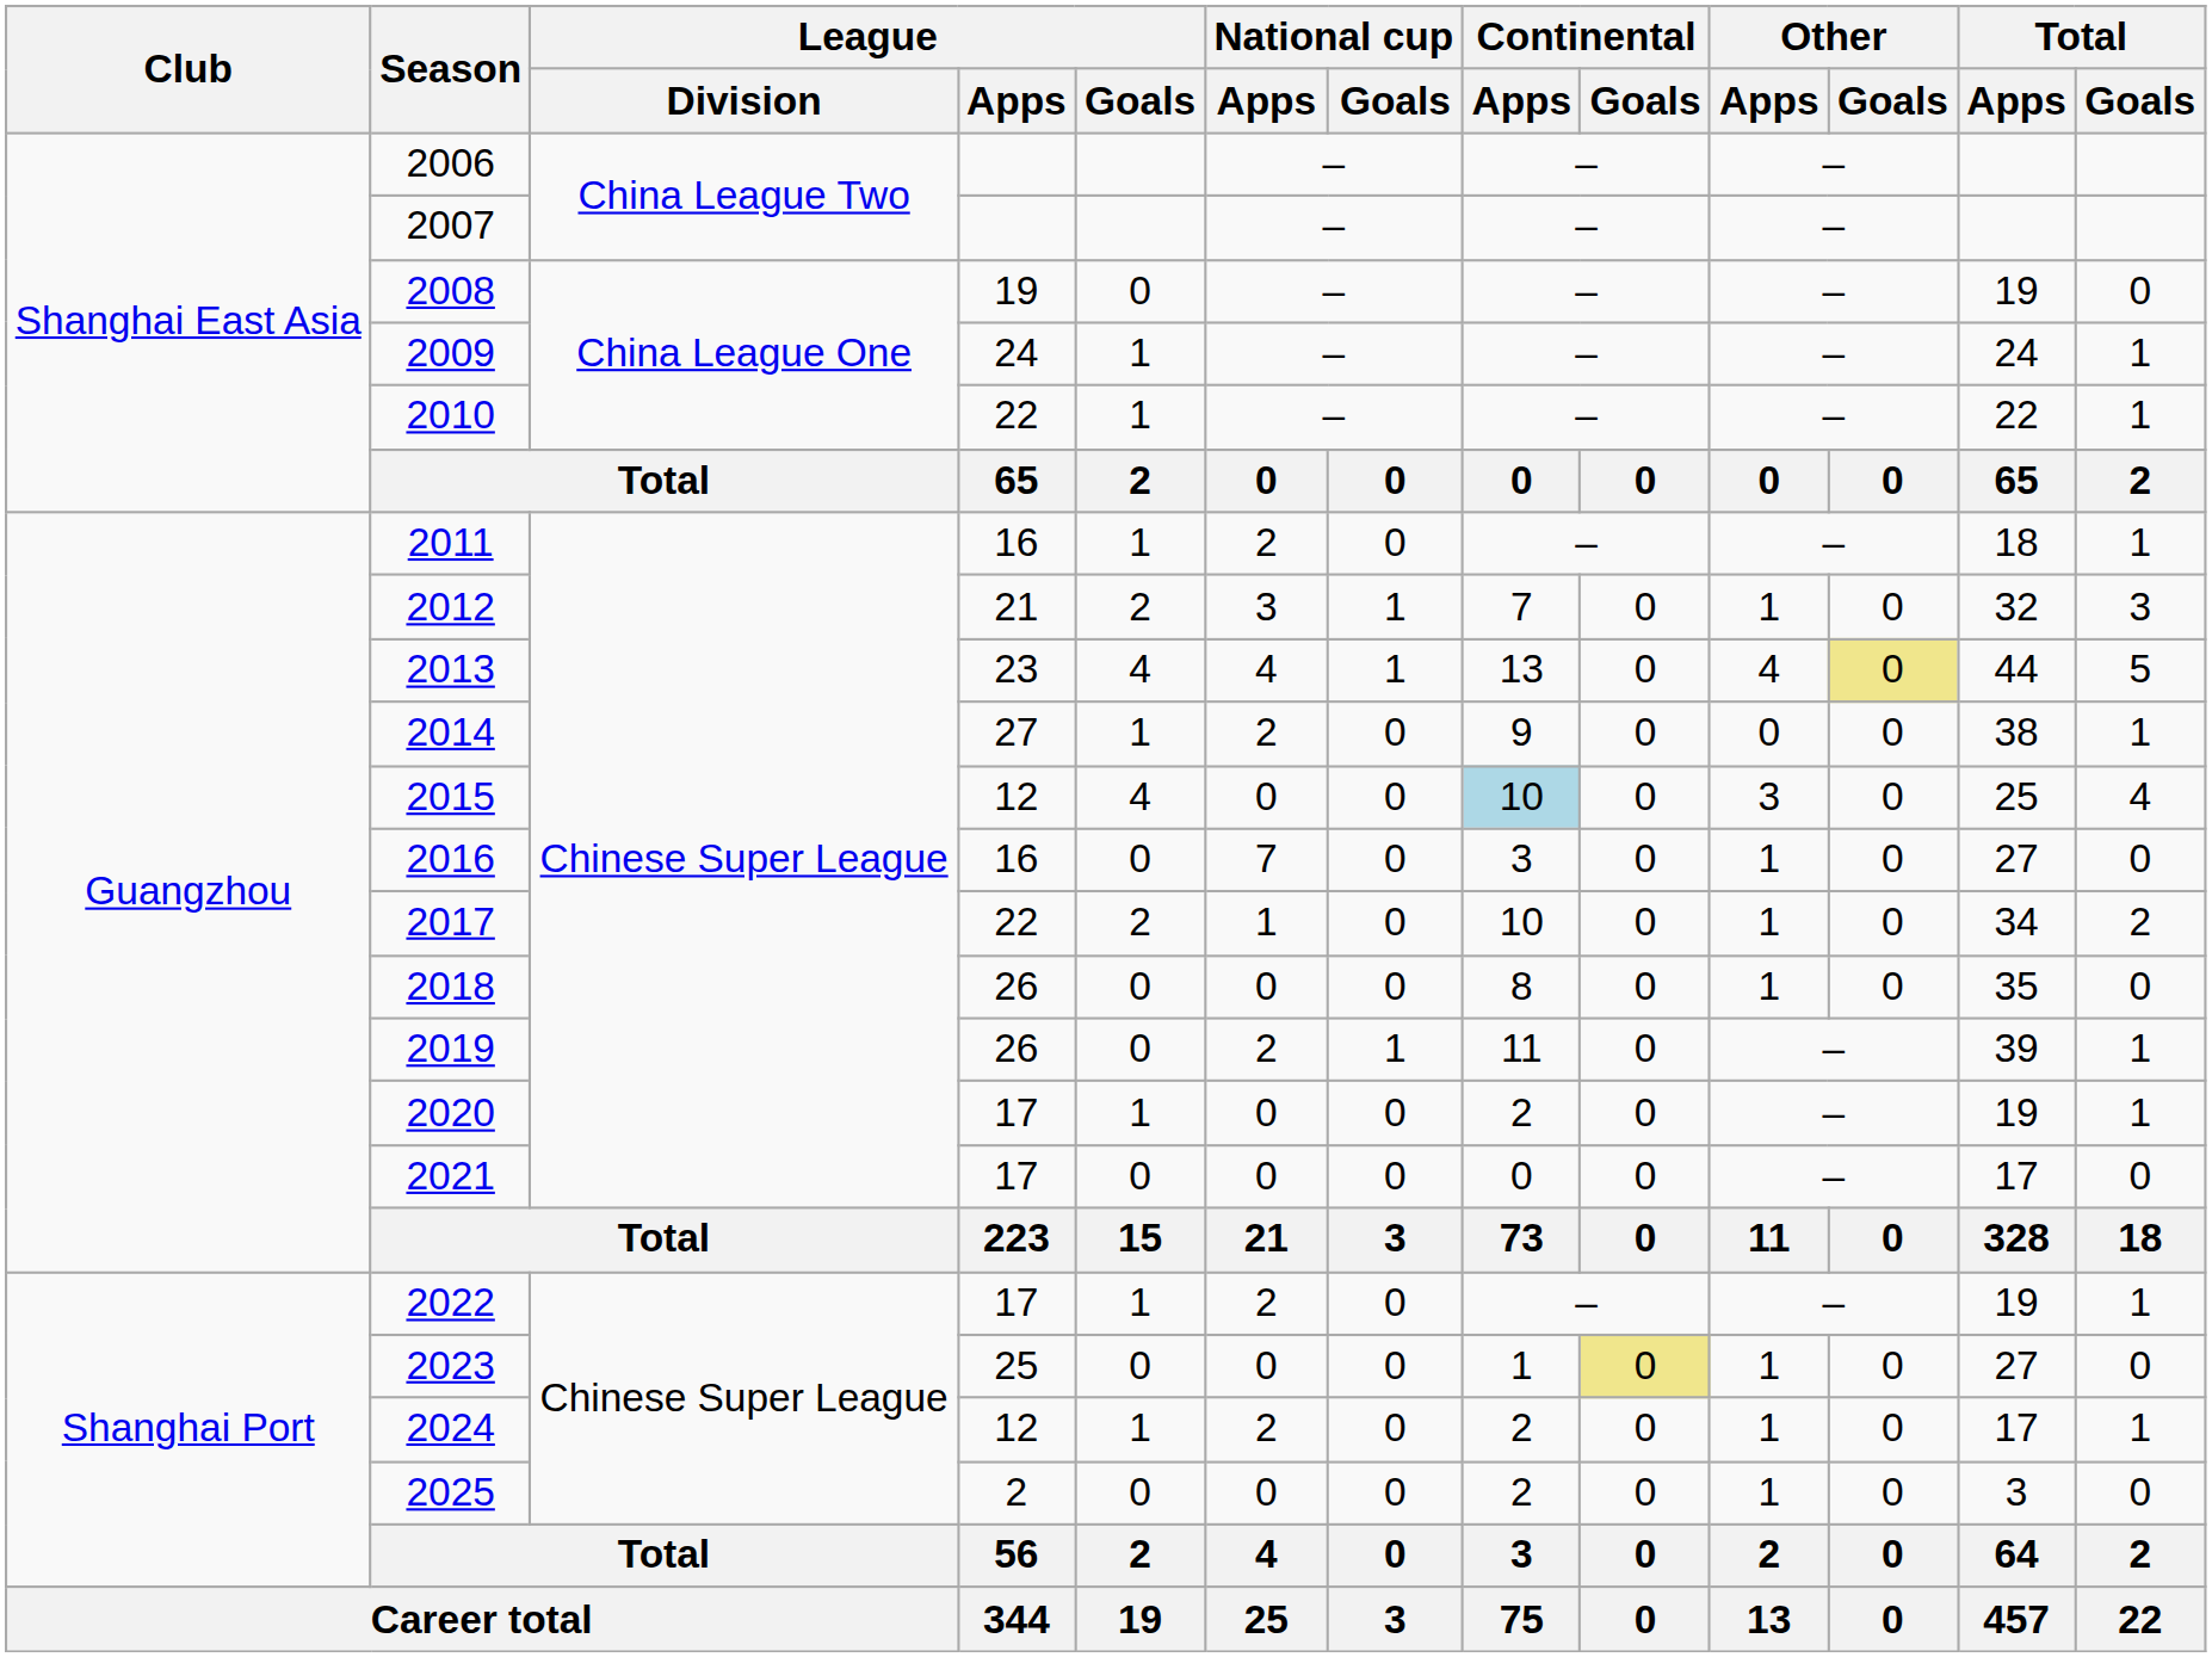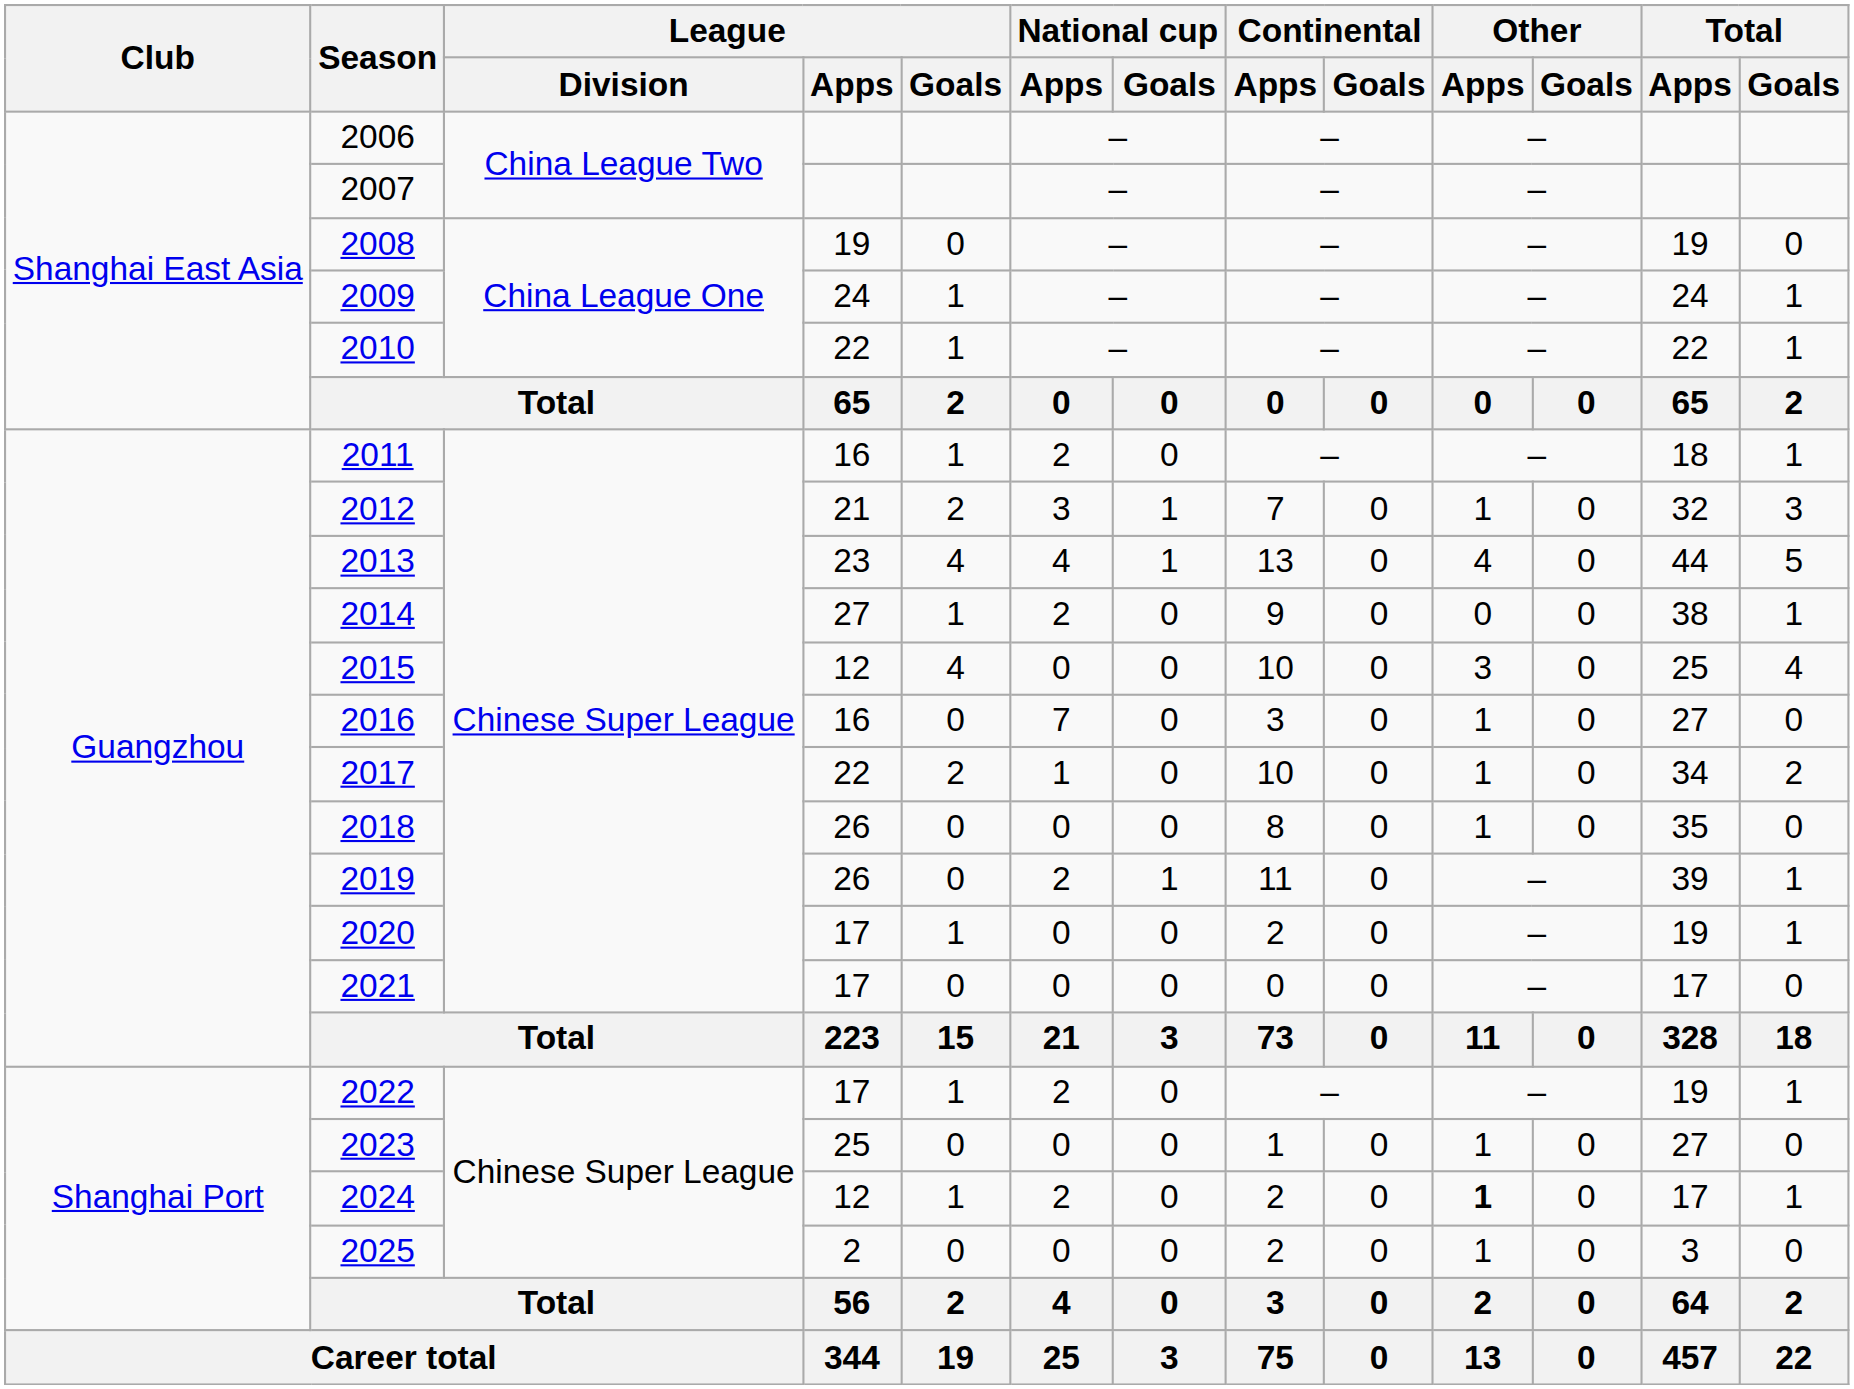 <table class="wikitable" style="text-align: center">
 <tr>
 <th rowspan="2">Club</th>
 <th rowspan="2">Season</th>
 <th colspan="3">League</th>
 <th colspan="2">National cup</th>
 <th colspan="2">Continental</th>
 <th colspan="2">Other</th>
 <th colspan="2">Total</th>
 </tr>
 <tr>
 <th>Division</th>
 <th>Apps</th>
 <th>Goals</th>
 <th>Apps</th>
 <th>Goals</th>
 <th>Apps</th>
 <th>Goals</th>
 <th>Apps</th>
 <th>Goals</th>
 <th>Apps</th>
 <th>Goals</th>
 </tr>
 <tr>
 <td rowspan=6><a href='#'>Shanghai East Asia</a></td>
 <td>2006</td>
 <td rowspan="2"><a href='#'>China League Two</a></td>
 <td></td>
 <td></td>
 <td colspan="2">–</td>
 <td colspan="2">–</td>
 <td colspan="2">–</td>
 <td></td>
 <td></td>
 </tr>
 <tr>
 <td>2007</td>
 <td></td>
 <td></td>
 <td colspan="2">–</td>
 <td colspan="2">–</td>
 <td colspan="2">–</td>
 <td></td>
 <td></td>
 </tr>
 <tr>
 <td><a href='#'>2008</a></td>
 <td rowspan="3"><a href='#'>China League One</a></td>
 <td>19</td>
 <td>0</td>
 <td colspan="2">–</td>
 <td colspan="2">–</td>
 <td colspan="2">–</td>
 <td>19</td>
 <td>0</td>
 </tr>
 <tr>
 <td><a href='#'>2009</a></td>
 <td>24</td>
 <td>1</td>
 <td colspan="2">–</td>
 <td colspan="2">–</td>
 <td colspan="2">–</td>
 <td>24</td>
 <td>1</td>
 </tr>
 <tr>
 <td><a href='#'>2010</a></td>
 <td>22</td>
 <td>1</td>
 <td colspan="2">–</td>
 <td colspan="2">–</td>
 <td colspan="2">–</td>
 <td>22</td>
 <td>1</td>
 </tr>
 <tr>
 <th colspan="2">Total</th>
 <th>65</th>
 <th>2</th>
 <th>0</th>
 <th>0</th>
 <th>0</th>
 <th>0</th>
 <th>0</th>
 <th>0</th>
 <th>65</th>
 <th>2</th>
 </tr>
 <tr>
 <td rowspan="12"><a href='#'>Guangzhou</a></td>
 <td><a href='#'>2011</a></td>
 <td rowspan="11"><a href='#'>Chinese Super League</a></td>
 <td>16</td>
 <td>1</td>
 <td>2</td>
 <td>0</td>
 <td colspan="2">–</td>
 <td colspan="2">–</td>
 <td>18</td>
 <td>1</td>
 </tr>
 <tr>
 <td><a href='#'>2012</a></td>
 <td>21</td>
 <td>2</td>
 <td>3</td>
 <td>1</td>
 <td>7</td>
 <td>0</td>
 <td>1</td>
 <td>0</td>
 <td>32</td>
 <td>3</td>
 </tr>
 <tr>
 <td><a href='#'>2013</a></td>
 <td>23</td>
 <td>4</td>
 <td>4</td>
 <td>1</td>
 <td>13</td>
 <td>0</td>
 <td>4</td>
-<td style="background: khaki;">0</td>
+<td>0</td>
 <td>44</td>
 <td>5</td>
 </tr>
 <tr>
 <td><a href='#'>2014</a></td>
 <td>27</td>
 <td>1</td>
 <td>2</td>
 <td>0</td>
 <td>9</td>
 <td>0</td>
 <td>0</td>
 <td>0</td>
 <td>38</td>
 <td>1</td>
 </tr>
 <tr>
 <td><a href='#'>2015</a></td>
 <td>12</td>
 <td>4</td>
 <td>0</td>
 <td>0</td>
-<td style="background: lightblue;">10</td>
+<td>10</td>
 <td>0</td>
 <td>3</td>
 <td>0</td>
 <td>25</td>
 <td>4</td>
 </tr>
 <tr>
 <td><a href='#'>2016</a></td>
 <td>16</td>
 <td>0</td>
 <td>7</td>
 <td>0</td>
 <td>3</td>
 <td>0</td>
 <td>1</td>
 <td>0</td>
 <td>27</td>
 <td>0</td>
 </tr>
 <tr>
 <td><a href='#'>2017</a></td>
 <td>22</td>
 <td>2</td>
 <td>1</td>
 <td>0</td>
 <td>10</td>
 <td>0</td>
 <td>1</td>
 <td>0</td>
 <td>34</td>
 <td>2</td>
 </tr>
 <tr>
 <td><a href='#'>2018</a></td>
 <td>26</td>
 <td>0</td>
 <td>0</td>
 <td>0</td>
 <td>8</td>
 <td>0</td>
 <td>1</td>
 <td>0</td>
 <td>35</td>
 <td>0</td>
 </tr>
 <tr>
 <td><a href='#'>2019</a></td>
 <td>26</td>
 <td>0</td>
 <td>2</td>
 <td>1</td>
 <td>11</td>
 <td>0</td>
 <td colspan="2">–</td>
 <td>39</td>
 <td>1</td>
 </tr>
 <tr>
 <td><a href='#'>2020</a></td>
 <td>17</td>
 <td>1</td>
 <td>0</td>
 <td>0</td>
 <td>2</td>
 <td>0</td>
 <td colspan="2">–</td>
 <td>19</td>
 <td>1</td>
 </tr>
 <tr>
 <td><a href='#'>2021</a></td>
 <td>17</td>
 <td>0</td>
 <td>0</td>
 <td>0</td>
 <td>0</td>
 <td>0</td>
 <td colspan="2">–</td>
 <td>17</td>
 <td>0</td>
 </tr>
 <tr>
 <th colspan="2">Total</th>
 <th>223</th>
 <th>15</th>
 <th>21</th>
 <th>3</th>
 <th>73</th>
 <th>0</th>
 <th>11</th>
 <th>0</th>
 <th>328</th>
 <th>18</th>
 </tr>
 <tr>
 <td rowspan="5"><a href='#'>Shanghai Port</a></td>
 <td><a href='#'>2022</a></td>
 <td rowspan="4">Chinese Super League</td>
 <td>17</td>
 <td>1</td>
 <td>2</td>
 <td>0</td>
 <td colspan="2">–</td>
 <td colspan="2">–</td>
 <td>19</td>
 <td>1</td>
 </tr>
 <tr>
 <td><a href='#'>2023</a></td>
 <td>25</td>
 <td>0</td>
 <td>0</td>
 <td>0</td>
 <td>1</td>
-<td style="background: khaki;">0</td>
+<td>0</td>
 <td>1</td>
 <td>0</td>
 <td>27</td>
 <td>0</td>
 </tr>
 <tr>
 <td><a href='#'>2024</a></td>
 <td>12</td>
 <td>1</td>
 <td>2</td>
 <td>0</td>
 <td>2</td>
 <td>0</td>
-<td>1</td>
+<td><strong>1</strong></td>
 <td>0</td>
 <td>17</td>
 <td>1</td>
 </tr>
 <tr>
 <td><a href='#'>2025</a></td>
 <td>2</td>
 <td>0</td>
 <td>0</td>
 <td>0</td>
 <td>2</td>
 <td>0</td>
 <td>1</td>
 <td>0</td>
 <td>3</td>
 <td>0</td>
 </tr>
 <tr>
 <th colspan="2">Total</th>
 <th>56</th>
 <th>2</th>
 <th>4</th>
 <th>0</th>
 <th>3</th>
 <th>0</th>
 <th>2</th>
 <th>0</th>
 <th>64</th>
 <th>2</th>
 </tr>
 <tr>
 <th colspan="3">Career total</th>
 <th>344</th>
 <th>19</th>
 <th>25</th>
 <th>3</th>
 <th>75</th>
 <th>0</th>
 <th>13</th>
 <th>0</th>
 <th>457</th>
 <th>22</th>
 </tr>
 </table>
